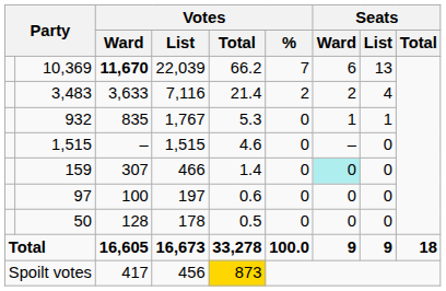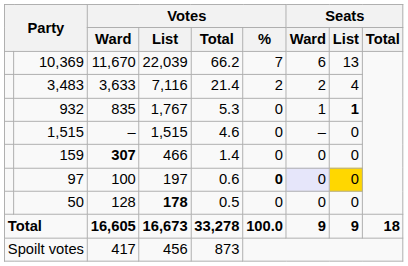 <table class=wikitable style="text-align:right">
 <tr>
 <th rowspan="2" colspan="2">Party</th>
 <th colspan="4" align="center">Votes</th>
 <th colspan="3" align="center">Seats</th>
 </tr>
 <tr>
 <th>Ward</th>
 <th>List</th>
 <th>Total</th>
 <th>%</th>
 <th>Ward</th>
 <th>List</th>
 <th>Total</th>
 </tr>
 <tr>
 <td></td>
 <td>10,369</td>
-<td><strong>11,670</strong></td>
+<td>11,670</td>
 <td>22,039</td>
 <td>66.2</td>
 <td>7</td>
 <td>6</td>
 <td>13</td>
 </tr>
 <tr>
 <td></td>
 <td>3,483</td>
 <td>3,633</td>
 <td>7,116</td>
 <td>21.4</td>
 <td>2</td>
 <td>2</td>
 <td>4</td>
 </tr>
 <tr>
 <td></td>
 <td>932</td>
 <td>835</td>
 <td>1,767</td>
 <td>5.3</td>
 <td>0</td>
 <td>1</td>
-<td>1</td>
+<td><strong>1</strong></td>
 </tr>
 <tr>
 <td></td>
 <td>1,515</td>
 <td>–</td>
 <td>1,515</td>
 <td>4.6</td>
 <td>0</td>
 <td>–</td>
 <td>0</td>
 </tr>
 <tr>
 <td></td>
 <td>159</td>
-<td>307</td>
+<td><strong>307</strong></td>
 <td>466</td>
 <td>1.4</td>
 <td>0</td>
-<td style="background: paleturquoise;">0</td>
+<td>0</td>
 <td>0</td>
 </tr>
 <tr>
 <td></td>
 <td>97</td>
 <td>100</td>
 <td>197</td>
 <td>0.6</td>
-<td>0</td>
-<td>0</td>
-<td>0</td>
+<td><strong>0</strong></td>
+<td style="background: lavender;">0</td>
+<td style="background: gold;">0</td>
 </tr>
 <tr>
 <td></td>
 <td>50</td>
 <td>128</td>
-<td>178</td>
+<td><strong>178</strong></td>
 <td>0.5</td>
 <td>0</td>
 <td>0</td>
 <td>0</td>
 </tr>
 <tr>
 <td colspan="2" style="text-align:left"><strong>Total</strong></td>
 <td><strong>16,605</strong></td>
 <td><strong>16,673</strong></td>
 <td><strong>33,278</strong></td>
 <td><strong>100.0</strong></td>
 <td><strong>9</strong></td>
 <td><strong>9</strong></td>
 <td><strong>18</strong></td>
 </tr>
 <tr>
 <td colspan="2" style="text-align:left">Spoilt votes</td>
 <td>417</td>
 <td>456</td>
-<td style="background: gold;">873</td>
+<td>873</td>
 </tr>
 </table>
